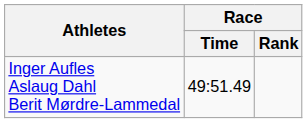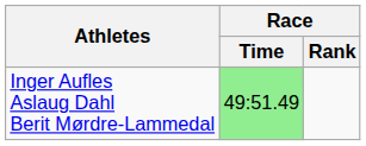 <table class="wikitable" border="1" style="font-size:90%">
 <tr>
 <th rowspan=2>Athletes</th>
 <th colspan=2>Race</th>
 </tr>
 <tr>
 <th>Time</th>
 <th>Rank</th>
 </tr>
 <tr>
 <td><a href='#'>Inger Aufles</a><br><a href='#'>Aslaug Dahl</a><br><a href='#'>Berit Mørdre-Lammedal</a></td>
-<td align=center>49:51.49</td>
+<td align=center style="background: lightgreen;">49:51.49</td>
 <td align=center></td>
 </tr>
 </table>
